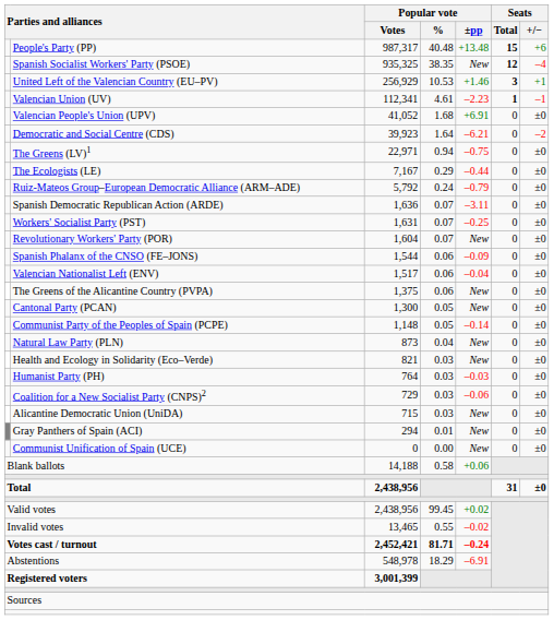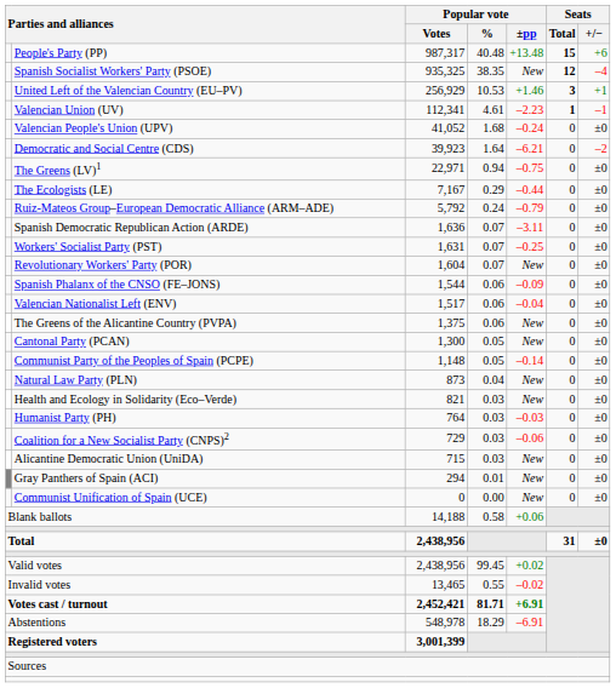 <table class="wikitable" style="text-align:right;">
 <tr>
 <th style="text-align:left;" rowspan="2" colspan="2" width="525">Parties and alliances</th>
 <th colspan="3">Popular vote</th>
 <th colspan="2">Seats</th>
 </tr>
 <tr>
 <th width="75">Votes</th>
 <th width="45">%</th>
 <th width="45">±<a href='#'>pp</a></th>
 <th width="35">Total</th>
 <th width="35">+/−</th>
 </tr>
 <tr>
 <td width="1" style="color:inherit;background:"></td>
 <td align="left"><a href='#'>People's Party</a> (PP)</td>
 <td>987,317</td>
 <td>40.48</td>
 <td style="color:green;">+13.48</td>
 <td><strong>15</strong></td>
 <td style="color:green;">+6</td>
 </tr>
 <tr>
 <td style="color:inherit;background:"></td>
 <td align="left"><a href='#'>Spanish Socialist Workers' Party</a> (PSOE)</td>
 <td>935,325</td>
 <td>38.35</td>
 <td><em>New</em></td>
 <td><strong>12</strong></td>
 <td style="color:red;">–4</td>
 </tr>
 <tr>
 <td style="color:inherit;background:"></td>
 <td align="left"><a href='#'>United Left of the Valencian Country</a> (EU–PV)</td>
 <td>256,929</td>
 <td>10.53</td>
 <td style="color:green;">+1.46</td>
 <td><strong>3</strong></td>
 <td style="color:green;">+1</td>
 </tr>
 <tr>
 <td style="color:inherit;background:"></td>
 <td align="left"><a href='#'>Valencian Union</a> (UV)</td>
 <td>112,341</td>
 <td>4.61</td>
 <td style="color:red;">–2.23</td>
 <td><strong>1</strong></td>
 <td style="color:red;">–1</td>
 </tr>
 <tr>
 <td style="color:inherit;background:"></td>
 <td align="left"><a href='#'>Valencian People's Union</a> (UPV)</td>
 <td>41,052</td>
 <td>1.68</td>
-<td style="color:green;">+6.91</td>
+<td style="color:red;">–0.24</td>
 <td>0</td>
 <td>±0</td>
 </tr>
 <tr>
 <td style="color:inherit;background:"></td>
 <td align="left"><a href='#'>Democratic and Social Centre</a> (CDS)</td>
 <td>39,923</td>
 <td>1.64</td>
 <td style="color:red;">–6.21</td>
 <td>0</td>
 <td style="color:red;">–2</td>
 </tr>
 <tr>
 <td style="color:inherit;background:"></td>
 <td align="left"><a href='#'>The Greens</a> (LV)<sup>1</sup></td>
 <td>22,971</td>
 <td>0.94</td>
 <td style="color:red;">–0.75</td>
 <td>0</td>
 <td>±0</td>
 </tr>
 <tr>
 <td style="color:inherit;background:"></td>
 <td align="left"><a href='#'>The Ecologists</a> (LE)</td>
 <td>7,167</td>
 <td>0.29</td>
 <td style="color:red;">–0.44</td>
 <td>0</td>
 <td>±0</td>
 </tr>
 <tr>
 <td style="color:inherit;background:"></td>
 <td align="left"><a href='#'>Ruiz-Mateos Group</a>–<a href='#'>European Democratic Alliance</a> (ARM–ADE)</td>
 <td>5,792</td>
 <td>0.24</td>
 <td style="color:red;">–0.79</td>
 <td>0</td>
 <td>±0</td>
 </tr>
 <tr>
 <td style="color:inherit;background:"></td>
 <td align="left">Spanish Democratic Republican Action (ARDE)</td>
 <td>1,636</td>
 <td>0.07</td>
 <td style="color:red;">–3.11</td>
 <td>0</td>
 <td>±0</td>
 </tr>
 <tr>
 <td style="color:inherit;background:"></td>
 <td align="left"><a href='#'>Workers' Socialist Party</a> (PST)</td>
 <td>1,631</td>
 <td>0.07</td>
 <td style="color:red;">–0.25</td>
 <td>0</td>
 <td>±0</td>
 </tr>
 <tr>
 <td style="color:inherit;background:"></td>
 <td align="left"><a href='#'>Revolutionary Workers' Party</a> (POR)</td>
 <td>1,604</td>
 <td>0.07</td>
 <td><em>New</em></td>
 <td>0</td>
 <td>±0</td>
 </tr>
 <tr>
 <td style="color:inherit;background:"></td>
 <td align="left"><a href='#'>Spanish Phalanx of the CNSO</a> (FE–JONS)</td>
 <td>1,544</td>
 <td>0.06</td>
 <td style="color:red;">–0.09</td>
 <td>0</td>
 <td>±0</td>
 </tr>
 <tr>
 <td style="color:inherit;background:"></td>
 <td align="left"><a href='#'>Valencian Nationalist Left</a> (ENV)</td>
 <td>1,517</td>
 <td>0.06</td>
 <td style="color:red;">–0.04</td>
 <td>0</td>
 <td>±0</td>
 </tr>
 <tr>
 <td bgcolor="white"></td>
 <td align="left">The Greens of the Alicantine Country (PVPA)</td>
 <td>1,375</td>
 <td>0.06</td>
 <td><em>New</em></td>
 <td>0</td>
 <td>±0</td>
 </tr>
 <tr>
 <td style="color:inherit;background:"></td>
 <td align="left"><a href='#'>Cantonal Party</a> (PCAN)</td>
 <td>1,300</td>
 <td>0.05</td>
 <td><em>New</em></td>
 <td>0</td>
 <td>±0</td>
 </tr>
 <tr>
 <td style="color:inherit;background:"></td>
 <td align="left"><a href='#'>Communist Party of the Peoples of Spain</a> (PCPE)</td>
 <td>1,148</td>
 <td>0.05</td>
 <td style="color:red;">–0.14</td>
 <td>0</td>
 <td>±0</td>
 </tr>
 <tr>
 <td style="color:inherit;background:"></td>
 <td align="left"><a href='#'>Natural Law Party</a> (PLN)</td>
 <td>873</td>
 <td>0.04</td>
 <td><em>New</em></td>
 <td>0</td>
 <td>±0</td>
 </tr>
 <tr>
 <td bgcolor="white"></td>
 <td align="left">Health and Ecology in Solidarity (Eco–Verde)</td>
 <td>821</td>
 <td>0.03</td>
 <td><em>New</em></td>
 <td>0</td>
 <td>±0</td>
 </tr>
 <tr>
 <td style="color:inherit;background:"></td>
 <td align="left"><a href='#'>Humanist Party</a> (PH)</td>
 <td>764</td>
 <td>0.03</td>
 <td style="color:red;">–0.03</td>
 <td>0</td>
 <td>±0</td>
 </tr>
 <tr>
 <td style="color:inherit;background:"></td>
 <td align="left"><a href='#'>Coalition for a New Socialist Party</a> (CNPS)<sup>2</sup></td>
 <td>729</td>
 <td>0.03</td>
 <td style="color:red;">–0.06</td>
 <td>0</td>
 <td>±0</td>
 </tr>
 <tr>
 <td bgcolor="white"></td>
 <td align="left">Alicantine Democratic Union (UniDA)</td>
 <td>715</td>
 <td>0.03</td>
 <td><em>New</em></td>
 <td>0</td>
 <td>±0</td>
 </tr>
 <tr>
 <td bgcolor="gray"></td>
 <td align="left">Gray Panthers of Spain (ACI)</td>
 <td>294</td>
 <td>0.01</td>
 <td><em>New</em></td>
 <td>0</td>
 <td>±0</td>
 </tr>
 <tr>
 <td style="color:inherit;background:"></td>
 <td align="left"><a href='#'>Communist Unification of Spain</a> (UCE)</td>
 <td>0</td>
 <td>0.00</td>
 <td><em>New</em></td>
 <td>0</td>
 <td>±0</td>
 </tr>
 <tr>
 <td align="left" colspan="2">Blank ballots</td>
 <td>14,188</td>
 <td>0.58</td>
 <td style="color:green;">+0.06</td>
 <td bgcolor="#E9E9E9" colspan="2"></td>
 </tr>
 <tr>
 <td colspan="7" bgcolor="#E9E9E9"></td>
 </tr>
 <tr style="font-weight:bold;">
 <td align="left" colspan="2">Total</td>
 <td>2,438,956</td>
 <td bgcolor="#E9E9E9" colspan="2"></td>
 <td>31</td>
 <td>±0</td>
 </tr>
 <tr>
 <td colspan="7" bgcolor="#E9E9E9"></td>
 </tr>
 <tr>
 <td align="left" colspan="2">Valid votes</td>
 <td>2,438,956</td>
 <td>99.45</td>
 <td style="color:green;">+0.02</td>
 <td bgcolor="#E9E9E9" colspan="2" rowspan="5"></td>
 </tr>
 <tr>
 <td align="left" colspan="2">Invalid votes</td>
 <td>13,465</td>
 <td>0.55</td>
 <td style="color:red;">–0.02</td>
 </tr>
 <tr style="font-weight:bold;">
 <td align="left" colspan="2">Votes cast / turnout</td>
 <td>2,452,421</td>
 <td>81.71</td>
-<td style="color:red;">–0.24</td>
+<td style="color:green;">+6.91</td>
 </tr>
 <tr>
 <td align="left" colspan="2">Abstentions</td>
 <td>548,978</td>
 <td>18.29</td>
 <td style="color:red;">–6.91</td>
 </tr>
 <tr style="font-weight:bold;">
 <td align="left" colspan="2">Registered voters</td>
 <td>3,001,399</td>
 <td bgcolor="#E9E9E9" colspan="2"></td>
 </tr>
 <tr>
 <td colspan="7" bgcolor="#E9E9E9"></td>
 </tr>
 <tr>
 <td align="left" colspan="7">Sources</td>
 </tr>
 <tr>
 <td colspan="7" style="text-align:left; max-width:790px;"></td>
 </tr>
 </table>
